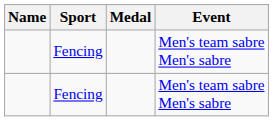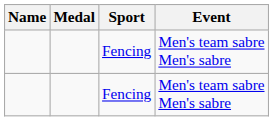 <table class="wikitable sortable" style="font-size:90%">
 <tr>
 <th>Name</th>
+<th>Medal</th>
 <th>Sport</th>
-<th>Medal</th>
 <th>Event</th>
 </tr>
 <tr>
 <td></td>
+<td><br></td>
 <td><a href='#'>Fencing</a></td>
-<td><br></td>
 <td><a href='#'>Men's team sabre</a><br><a href='#'>Men's sabre</a></td>
 </tr>
 <tr>
 <td></td>
+<td><br></td>
 <td><a href='#'>Fencing</a></td>
-<td><br></td>
 <td><a href='#'>Men's team sabre</a><br><a href='#'>Men's sabre</a></td>
 </tr>
 </table>
